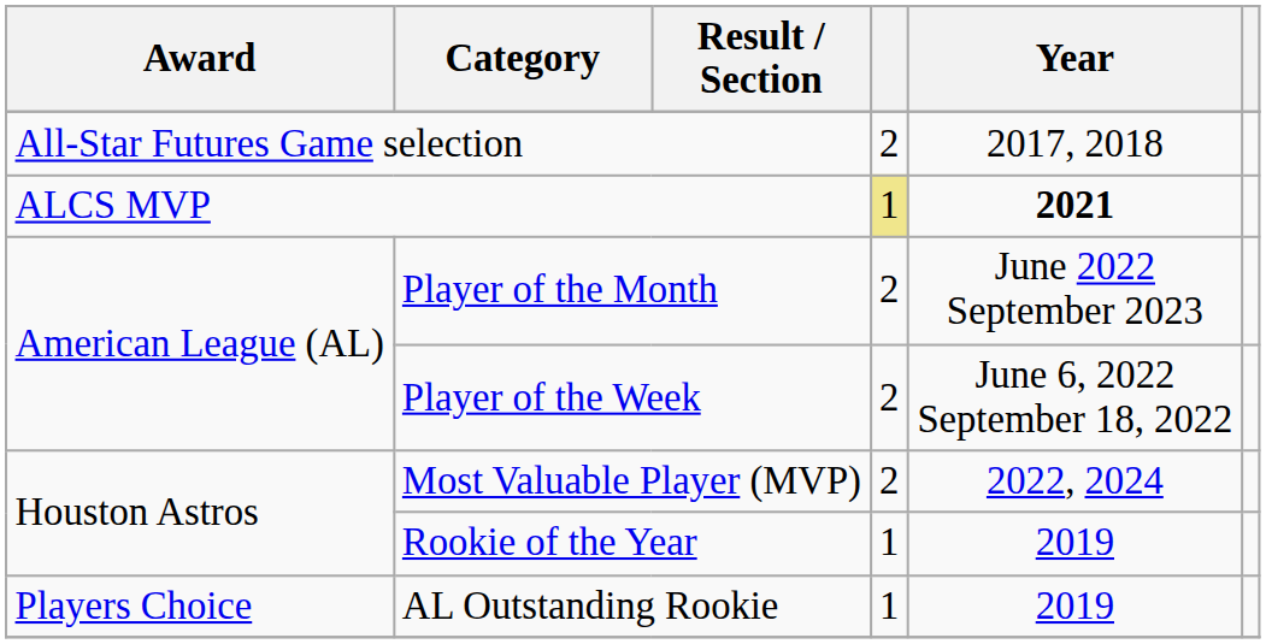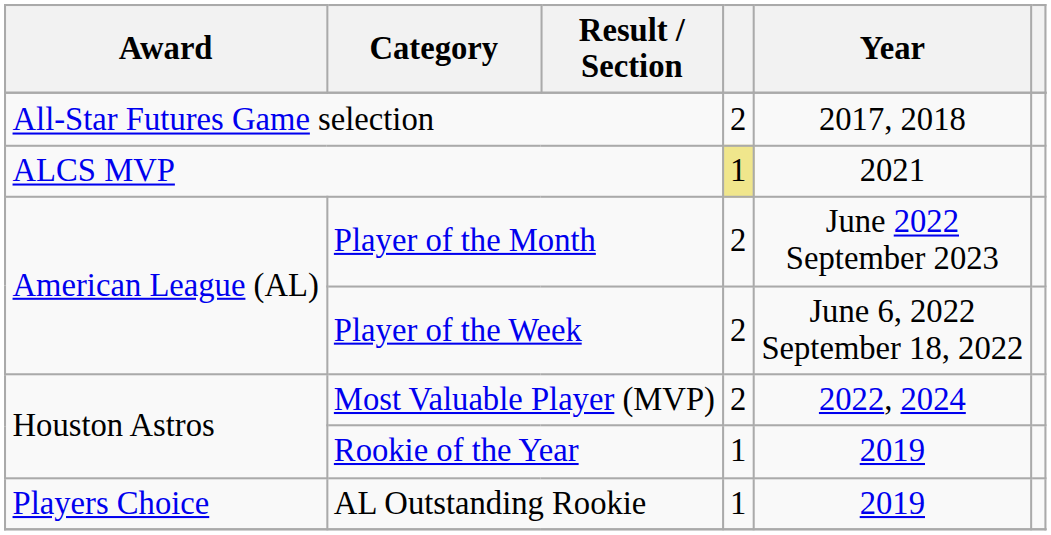 <table class="wikitable">
 <tr>
 <th>Award</th>
 <th>Category</th>
 <th>Result /<br> Section</th>
 <th></th>
 <th>Year</th>
 <th></th>
 </tr>
 <tr>
 </tr>
 <tr>
 <td colspan="3"><a href='#'>All-Star Futures Game</a> selection</td>
 <td style="text-align:center;">2</td>
 <td style="text-align:center;">2017, 2018</td>
 <td style="text-align:center;"></td>
 </tr>
 <tr>
 <td colspan="3"><a href='#'>ALCS MVP</a></td>
 <td style="background: khaki; text-align:center;">1</td>
-<td style="text-align:center;"><strong>2021</strong></td>
+<td style="text-align:center;">2021</td>
 <td style="text-align:center;"></td>
 </tr>
 <tr>
 <td rowspan="2"><a href='#'>American League</a> (AL)</td>
 <td colspan="2"><a href='#'>Player of the Month</a></td>
 <td style="text-align:center;">2</td>
 <td style="text-align:center;">June <a href='#'>2022</a><br> September 2023</td>
 <td style="text-align:center;"></td>
 </tr>
 <tr>
 <td colspan="2"><a href='#'>Player of the Week</a></td>
 <td style="text-align:center;">2</td>
 <td style="text-align:center;">June 6, 2022<br> September 18, 2022</td>
 <td style="text-align:center;"></td>
 </tr>
 <tr>
 <td rowspan="2">Houston Astros</td>
 <td colspan="2"><a href='#'>Most Valuable Player</a> (MVP)</td>
 <td style="text-align:center;">2</td>
 <td style="text-align:center;"><a href='#'>2022</a>, <a href='#'>2024</a></td>
 <td style="text-align:center;"></td>
 </tr>
 <tr>
 <td colspan="2"><a href='#'>Rookie of the Year</a></td>
 <td style="text-align:center;">1</td>
 <td style="text-align:center;"><a href='#'>2019</a></td>
 <td style="text-align:center;"></td>
 </tr>
 <tr>
 <td><a href='#'>Players Choice</a></td>
 <td colspan="2">AL Outstanding Rookie</td>
 <td style="text-align:center;">1</td>
 <td style="text-align:center;"><a href='#'>2019</a></td>
 <td style="text-align:center;"></td>
 </tr>
 <tr>
 </tr>
 </table>
